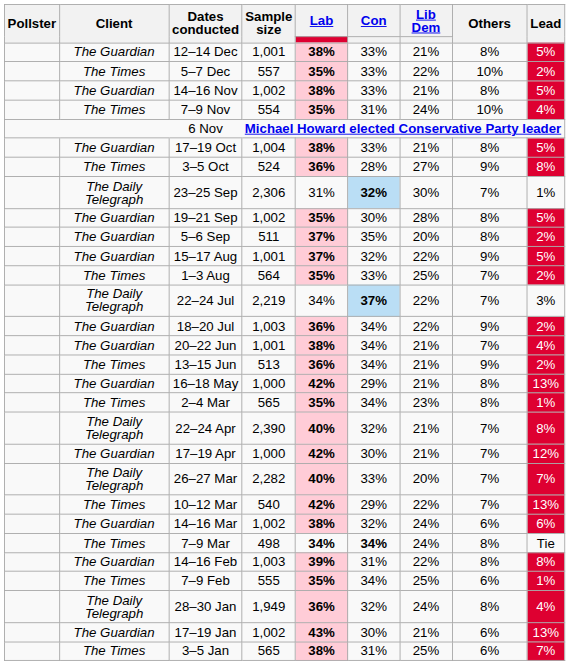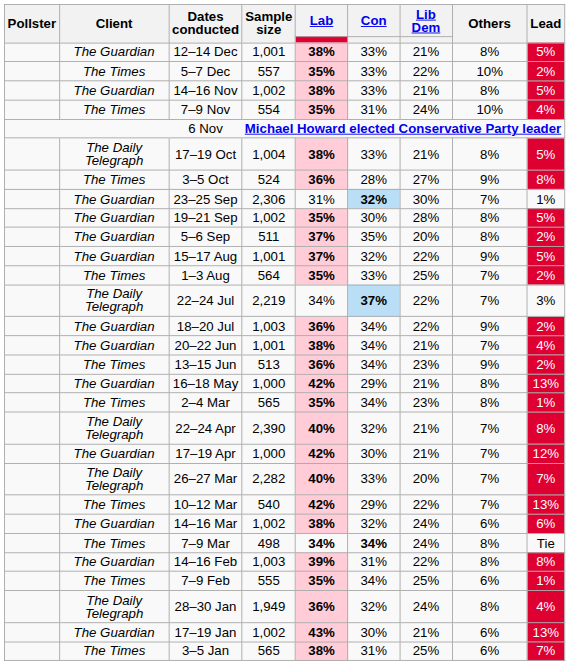 <table class="wikitable sortable mw-datatable" style="text-align:center;font-size:90%;line-height:14px;">
 <tr>
 <th rowspan="2">Pollster</th>
 <th rowspan="2">Client</th>
 <th rowspan="2">Dates<br>conducted</th>
 <th rowspan="2" data-sort-type="number">Sample<br>size</th>
 <th class="unsortable" style="width:50px;"><a href='#'>Lab</a></th>
 <th class="unsortable" style="width:50px;"><a href='#'>Con</a></th>
 <th class="unsortable" style="width:50px;"><a href='#'>Lib Dem</a></th>
 <th rowspan="2" class="unsortable" style="width:75px;">Others</th>
 <th rowspan="2">Lead</th>
 </tr>
 <tr>
 <th data-sort-type="number" style="background:#DE0031;"></th>
 <th data-sort-type="number" style="background:"></th>
 <th data-sort-type="number" style="background:"></th>
 </tr>
 <tr>
 <td></td>
 <td><em>The Guardian</em></td>
 <td>12–14 Dec</td>
 <td>1,001</td>
 <td style="background:#FFCCD7;"><strong>38%</strong></td>
 <td>33%</td>
 <td>21%</td>
 <td>8%</td>
 <td style="background:#DE0031;color:#FFFFFF;">5%</td>
 </tr>
 <tr>
 <td></td>
 <td><em>The Times</em></td>
 <td>5–7 Dec</td>
 <td>557</td>
 <td style="background:#FFCCD7;"><strong>35%</strong></td>
 <td>33%</td>
 <td>22%</td>
 <td>10%</td>
 <td style="background:#DE0031;color:#FFFFFF;">2%</td>
 </tr>
 <tr>
 <td></td>
 <td><em>The Guardian</em></td>
 <td>14–16 Nov</td>
 <td>1,002</td>
 <td style="background:#FFCCD7;"><strong>38%</strong></td>
 <td>33%</td>
 <td>21%</td>
 <td>8%</td>
 <td style="background:#DE0031;color:#FFFFFF;">5%</td>
 </tr>
 <tr>
 <td></td>
 <td><em>The Times</em></td>
 <td>7–9 Nov</td>
 <td>554</td>
 <td style="background:#FFCCD7;"><strong>35%</strong></td>
 <td>31%</td>
 <td>24%</td>
 <td>10%</td>
 <td style="background:#DE0031;color:#FFFFFF;">4%</td>
 </tr>
 <tr>
 <td style="border-right-style:hidden;"></td>
 <td style="border-right-style:hidden;"></td>
 <td style="border-right-style:hidden;">6 Nov</td>
 <td colspan="6"><strong><a href='#'>Michael Howard elected Conservative Party leader</a></strong></td>
 </tr>
 <tr>
 <td></td>
-<td><em>The Guardian</em></td>
+<td><em>The Daily Telegraph</em></td>
 <td>17–19 Oct</td>
 <td>1,004</td>
 <td style="background:#FFCCD7;"><strong>38%</strong></td>
 <td>33%</td>
 <td>21%</td>
 <td>8%</td>
 <td style="background:#DE0031;color:#FFFFFF;">5%</td>
 </tr>
 <tr>
 <td></td>
 <td><em>The Times</em></td>
 <td>3–5 Oct</td>
 <td>524</td>
 <td style="background:#FFCCD7;"><strong>36%</strong></td>
 <td>28%</td>
 <td>27%</td>
 <td>9%</td>
 <td style="background:#DE0031;color:#FFFFFF;">8%</td>
 </tr>
 <tr>
 <td></td>
-<td><em>The Daily Telegraph</em></td>
+<td><em>The Guardian</em></td>
 <td>23–25 Sep</td>
 <td>2,306</td>
 <td>31%</td>
 <td style="background:#BADEF5;"><strong>32%</strong></td>
 <td>30%</td>
 <td>7%</td>
 <td style="background:">1%</td>
 </tr>
 <tr>
 <td></td>
 <td><em>The Guardian</em></td>
 <td>19–21 Sep</td>
 <td>1,002</td>
 <td style="background:#FFCCD7;"><strong>35%</strong></td>
 <td>30%</td>
 <td>28%</td>
 <td>8%</td>
 <td style="background:#DE0031;color:#FFFFFF;">5%</td>
 </tr>
 <tr>
 <td></td>
 <td><em>The Guardian</em></td>
 <td>5–6 Sep</td>
 <td>511</td>
 <td style="background:#FFCCD7;"><strong>37%</strong></td>
 <td>35%</td>
 <td>20%</td>
 <td>8%</td>
 <td style="background:#DE0031;color:#FFFFFF;">2%</td>
 </tr>
 <tr>
 <td></td>
 <td><em>The Guardian</em></td>
 <td>15–17 Aug</td>
 <td>1,001</td>
 <td style="background:#FFCCD7;"><strong>37%</strong></td>
 <td>32%</td>
 <td>22%</td>
 <td>9%</td>
 <td style="background:#DE0031;color:#FFFFFF;">5%</td>
 </tr>
 <tr>
 <td></td>
 <td><em>The Times</em></td>
 <td>1–3 Aug</td>
 <td>564</td>
 <td style="background:#FFCCD7;"><strong>35%</strong></td>
 <td>33%</td>
 <td>25%</td>
 <td>7%</td>
 <td style="background:#DE0031;color:#FFFFFF;">2%</td>
 </tr>
 <tr>
 <td></td>
 <td><em>The Daily Telegraph</em></td>
 <td>22–24 Jul</td>
 <td>2,219</td>
 <td>34%</td>
 <td style="background:#BADEF5;"><strong>37%</strong></td>
 <td>22%</td>
 <td>7%</td>
 <td style="background:">3%</td>
 </tr>
 <tr>
 <td></td>
 <td><em>The Guardian</em></td>
 <td>18–20 Jul</td>
 <td>1,003</td>
 <td style="background:#FFCCD7;"><strong>36%</strong></td>
 <td>34%</td>
 <td>22%</td>
 <td>9%</td>
 <td style="background:#DE0031;color:#FFFFFF;">2%</td>
 </tr>
 <tr>
 <td></td>
 <td><em>The Guardian</em></td>
 <td>20–22 Jun</td>
 <td>1,001</td>
 <td style="background:#FFCCD7;"><strong>38%</strong></td>
 <td>34%</td>
 <td>21%</td>
 <td>7%</td>
 <td style="background:#DE0031;color:#FFFFFF;">4%</td>
 </tr>
 <tr>
 <td></td>
 <td><em>The Times</em></td>
 <td>13–15 Jun</td>
 <td>513</td>
 <td style="background:#FFCCD7;"><strong>36%</strong></td>
 <td>34%</td>
-<td>21%</td>
+<td>23%</td>
 <td>9%</td>
 <td style="background:#DE0031;color:#FFFFFF;">2%</td>
 </tr>
 <tr>
 <td></td>
 <td><em>The Guardian</em></td>
 <td>16–18 May</td>
 <td>1,000</td>
 <td style="background:#FFCCD7;"><strong>42%</strong></td>
 <td>29%</td>
 <td>21%</td>
 <td>8%</td>
 <td style="background:#DE0031;color:#FFFFFF;">13%</td>
 </tr>
 <tr>
 <td></td>
 <td><em>The Times</em></td>
 <td>2–4 Mar</td>
 <td>565</td>
 <td style="background:#FFCCD7;"><strong>35%</strong></td>
 <td>34%</td>
 <td>23%</td>
 <td>8%</td>
 <td style="background:#DE0031;color:#FFFFFF;">1%</td>
 </tr>
 <tr>
 <td></td>
 <td><em>The Daily Telegraph</em></td>
 <td>22–24 Apr</td>
 <td>2,390</td>
 <td style="background:#FFCCD7;"><strong>40%</strong></td>
 <td>32%</td>
 <td>21%</td>
 <td>7%</td>
 <td style="background:#DE0031;color:#FFFFFF;">8%</td>
 </tr>
 <tr>
 <td></td>
 <td><em>The Guardian</em></td>
 <td>17–19 Apr</td>
 <td>1,000</td>
 <td style="background:#FFCCD7;"><strong>42%</strong></td>
 <td>30%</td>
 <td>21%</td>
 <td>7%</td>
 <td style="background:#DE0031;color:#FFFFFF;">12%</td>
 </tr>
 <tr>
 <td></td>
 <td><em>The Daily Telegraph</em></td>
 <td>26–27 Mar</td>
 <td>2,282</td>
 <td style="background:#FFCCD7;"><strong>40%</strong></td>
 <td>33%</td>
 <td>20%</td>
 <td>7%</td>
 <td style="background:#DE0031;color:#FFFFFF;">7%</td>
 </tr>
 <tr>
 <td></td>
 <td><em>The Times</em></td>
 <td>10–12 Mar</td>
 <td>540</td>
 <td style="background:#FFCCD7;"><strong>42%</strong></td>
 <td>29%</td>
 <td>22%</td>
 <td>7%</td>
 <td style="background:#DE0031;color:#FFFFFF;">13%</td>
 </tr>
 <tr>
 <td></td>
 <td><em>The Guardian</em></td>
 <td>14–16 Mar</td>
 <td>1,002</td>
 <td style="background:#FFCCD7;"><strong>38%</strong></td>
 <td>32%</td>
 <td>24%</td>
 <td>6%</td>
 <td style="background:#DE0031;color:#FFFFFF;">6%</td>
 </tr>
 <tr>
 <td></td>
 <td><em>The Times</em></td>
 <td>7–9 Mar</td>
 <td>498</td>
 <td><strong>34%</strong></td>
 <td><strong>34%</strong></td>
 <td>24%</td>
 <td>8%</td>
 <td>Tie</td>
 </tr>
 <tr>
 <td></td>
 <td><em>The Guardian</em></td>
 <td>14–16 Feb</td>
 <td>1,003</td>
 <td style="background:#FFCCD7;"><strong>39%</strong></td>
 <td>31%</td>
 <td>22%</td>
 <td>8%</td>
 <td style="background:#DE0031;color:#FFFFFF;">8%</td>
 </tr>
 <tr>
 <td></td>
 <td><em>The Times</em></td>
 <td>7–9 Feb</td>
 <td>555</td>
 <td style="background:#FFCCD7;"><strong>35%</strong></td>
 <td>34%</td>
 <td>25%</td>
 <td>6%</td>
 <td style="background:#DE0031;color:#FFFFFF;">1%</td>
 </tr>
 <tr>
 <td></td>
 <td><em>The Daily Telegraph</em></td>
 <td>28–30 Jan</td>
 <td>1,949</td>
 <td style="background:#FFCCD7;"><strong>36%</strong></td>
 <td>32%</td>
 <td>24%</td>
 <td>8%</td>
 <td style="background:#DE0031;color:#FFFFFF;">4%</td>
 </tr>
 <tr>
 <td></td>
 <td><em>The Guardian</em></td>
 <td>17–19 Jan</td>
 <td>1,002</td>
 <td style="background:#FFCCD7;"><strong>43%</strong></td>
 <td>30%</td>
 <td>21%</td>
 <td>6%</td>
 <td style="background:#DE0031;color:#FFFFFF;">13%</td>
 </tr>
 <tr>
 <td></td>
 <td><em>The Times</em></td>
 <td>3–5 Jan</td>
 <td>565</td>
 <td style="background:#FFCCD7;"><strong>38%</strong></td>
 <td>31%</td>
 <td>25%</td>
 <td>6%</td>
 <td style="background:#DE0031;color:#FFFFFF;">7%</td>
 </tr>
 </table>
